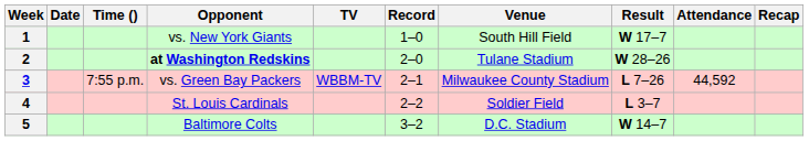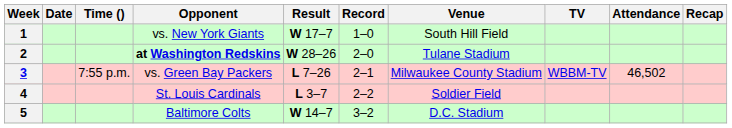 <table class="wikitable" style="text-align:center">
 <tr>
 <th>Week</th>
 <th>Date</th>
 <th>Time (<a href='#'></a>)</th>
 <th>Opponent</th>
-<th>TV</th>
+<th>Result</th>
 <th>Record</th>
 <th>Venue</th>
-<th>Result</th>
+<th>TV</th>
 <th>Attendance</th>
 <th>Recap</th>
 </tr>
 <tr style="background:#cfc">
 <th>1</th>
 <td></td>
 <td></td>
 <td>vs. <a href='#'>New York Giants</a><br></td>
-<td></td>
+<td><strong>W</strong> 17–7</td>
 <td>1–0</td>
 <td>South Hill Field</td>
-<td><strong>W</strong> 17–7</td>
+<td></td>
 <td></td>
 <td></td>
 </tr>
 <tr style="background:#cfc">
 <th>2</th>
 <td></td>
 <td></td>
 <td><strong>at <a href='#'>Washington Redskins</a></strong></td>
-<td></td>
+<td><strong>W</strong> 28–26</td>
 <td>2–0</td>
 <td><a href='#'>Tulane Stadium</a></td>
-<td><strong>W</strong> 28–26</td>
+<td></td>
 <td></td>
 <td></td>
 </tr>
 <tr style="background:#fcc">
 <th><a href='#'>3</a></th>
 <td></td>
 <td>7:55 p.m.</td>
 <td>vs. <a href='#'>Green Bay Packers</a><br></td>
-<td><a href='#'>WBBM-TV</a></td>
+<td><strong>L</strong> 7–26</td>
 <td>2–1</td>
 <td><a href='#'>Milwaukee County Stadium</a></td>
-<td><strong>L</strong> 7–26</td>
-<td>44,592</td>
+<td><a href='#'>WBBM-TV</a></td>
+<td>46,502</td>
 <td></td>
 </tr>
 <tr style="background:#fcc">
 <th>4</th>
 <td></td>
 <td></td>
 <td><a href='#'>St. Louis Cardinals</a></td>
-<td></td>
+<td><strong>L</strong> 3–7</td>
 <td>2–2</td>
 <td><a href='#'>Soldier Field</a></td>
-<td><strong>L</strong> 3–7</td>
+<td></td>
 <td></td>
 <td></td>
 </tr>
 <tr style="background:#cfc">
 <th>5</th>
 <td></td>
 <td></td>
 <td><a href='#'>Baltimore Colts</a><br></td>
-<td></td>
+<td><strong>W</strong> 14–7</td>
 <td>3–2</td>
 <td><a href='#'>D.C. Stadium</a></td>
-<td><strong>W</strong> 14–7</td>
+<td></td>
 <td></td>
 <td></td>
 </tr>
 </table>
